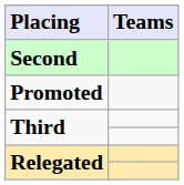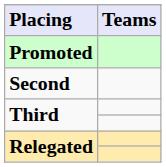 <table class=wikitable>
 <tr>
 </tr>
 <tr style="background: #E6E6FA;">
 <td><strong>Placing</strong></td>
 <td><strong>Teams</strong></td>
 </tr>
 <tr style="background: #ccffcc;">
-<td><strong>Second</strong></td>
+<td><strong>Promoted</strong></td>
 <td><strong></strong></td>
 </tr>
 <tr>
-<td><strong>Promoted</strong></td>
+<td><strong>Second</strong></td>
 <td></td>
 </tr>
 <tr>
 <td rowspan="2"><strong>Third</strong></td>
 <td></td>
 </tr>
 <tr>
 <td></td>
 </tr>
 <tr style="background: #ffebad;">
 <td rowspan="2"><strong>Relegated</strong></td>
 <td></td>
 </tr>
 <tr style="background: #ffebad;">
 <td></td>
 </tr>
 </table>
